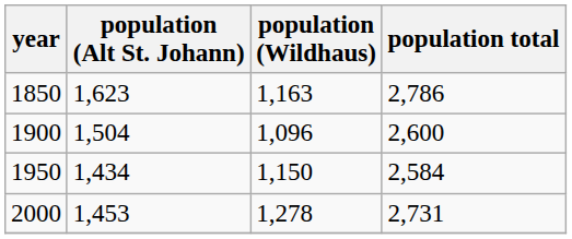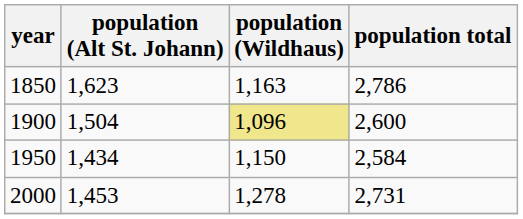 <table class="wikitable">
 <tr>
 <th>year</th>
 <th>population<br> (Alt St. Johann)</th>
 <th>population<br> (Wildhaus)</th>
 <th>population total</th>
 </tr>
 <tr>
 <td>1850</td>
 <td>1,623</td>
 <td>1,163</td>
 <td>2,786</td>
 </tr>
 <tr>
 <td>1900</td>
 <td>1,504</td>
-<td>1,096</td>
+<td style="background: khaki;">1,096</td>
 <td>2,600</td>
 </tr>
 <tr>
 <td>1950</td>
 <td>1,434</td>
 <td>1,150</td>
 <td>2,584</td>
 </tr>
 <tr>
 <td>2000</td>
 <td>1,453</td>
 <td>1,278</td>
 <td>2,731</td>
 </tr>
 <tr>
 </tr>
 </table>
